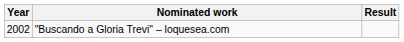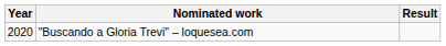 <table class="wikitable sortable plainrowheaders" style="margin-right: 0;">
 <tr>
 <th width="30”">Year</th>
 <th width="500">Nominated work</th>
 <th width="30">Result</th>
 </tr>
 <tr>
-<td scope="row">2002</td>
+<td scope="row">2020</td>
 <td>"Buscando a Gloria Trevi" – loquesea.com</td>
 <td></td>
 </tr>
 </table>
